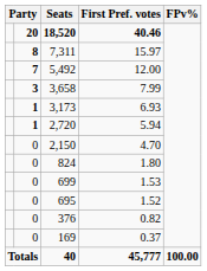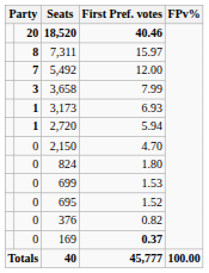 <table class=wikitable>
 <tr>
 <th colspan=2 align=center>Party</th>
 <th valign=top>Seats</th>
 <th valign=top>First Pref. votes</th>
 <th valign=top>FPv%</th>
 </tr>
 <tr>
 <td></td>
 <td align=right><strong>20</strong></td>
 <td align=right><strong>18,520</strong></td>
 <td align=right><strong>40.46</strong></td>
 </tr>
 <tr>
 <td></td>
 <td align=right><strong>8</strong></td>
 <td align=right>7,311</td>
 <td align=right>15.97</td>
 </tr>
 <tr>
 <td></td>
 <td align=right><strong>7</strong></td>
 <td align=right>5,492</td>
 <td align=right>12.00</td>
 </tr>
 <tr>
 <td></td>
 <td align=right><strong>3</strong></td>
 <td align=right>3,658</td>
 <td align=right>7.99</td>
 </tr>
 <tr>
 <td></td>
 <td align=right><strong>1</strong></td>
 <td align=right>3,173</td>
 <td align=right>6.93</td>
 </tr>
 <tr>
 <td></td>
 <td align=right><strong>1</strong></td>
 <td align=right>2,720</td>
 <td align=right>5.94</td>
 </tr>
 <tr>
 <td></td>
 <td align=right>0</td>
 <td align=right>2,150</td>
 <td align=right>4.70</td>
 </tr>
 <tr>
 <td></td>
 <td align=right>0</td>
 <td align=right>824</td>
 <td align=right>1.80</td>
 </tr>
 <tr>
 <td></td>
 <td align=right>0</td>
 <td align=right>699</td>
 <td align=right>1.53</td>
 </tr>
 <tr>
 <td></td>
 <td align=right>0</td>
 <td align=right>695</td>
 <td align=right>1.52</td>
 </tr>
 <tr>
 <td></td>
 <td align=right>0</td>
 <td align=right>376</td>
 <td align=right>0.82</td>
 </tr>
 <tr>
 <td></td>
 <td align=right>0</td>
 <td align=right>169</td>
-<td align=right>0.37</td>
+<td align=right><strong>0.37</strong></td>
 </tr>
 <tr>
 <td colspan=2 align=center><strong>Totals</strong></td>
 <td align=right><strong>40</strong></td>
 <td align=right><strong>45,777</strong></td>
 <td align=center><strong>100.00</strong></td>
 </tr>
 </table>
